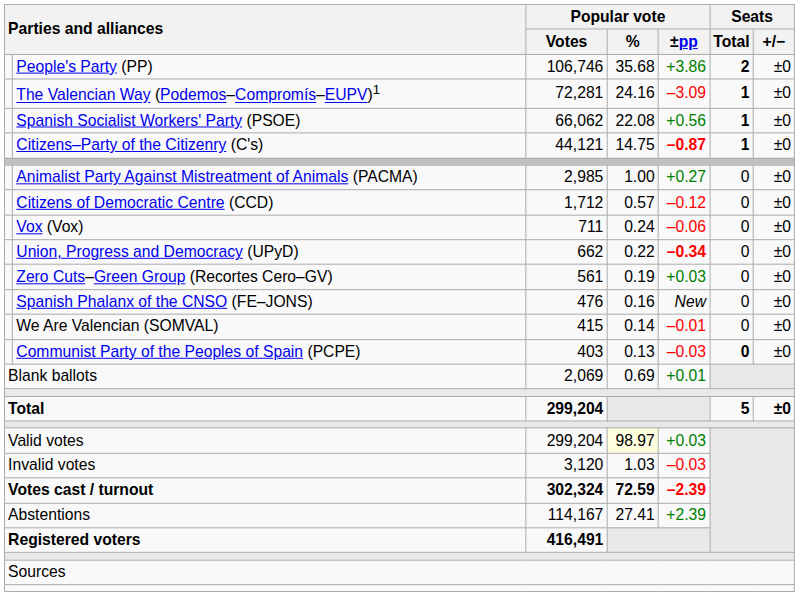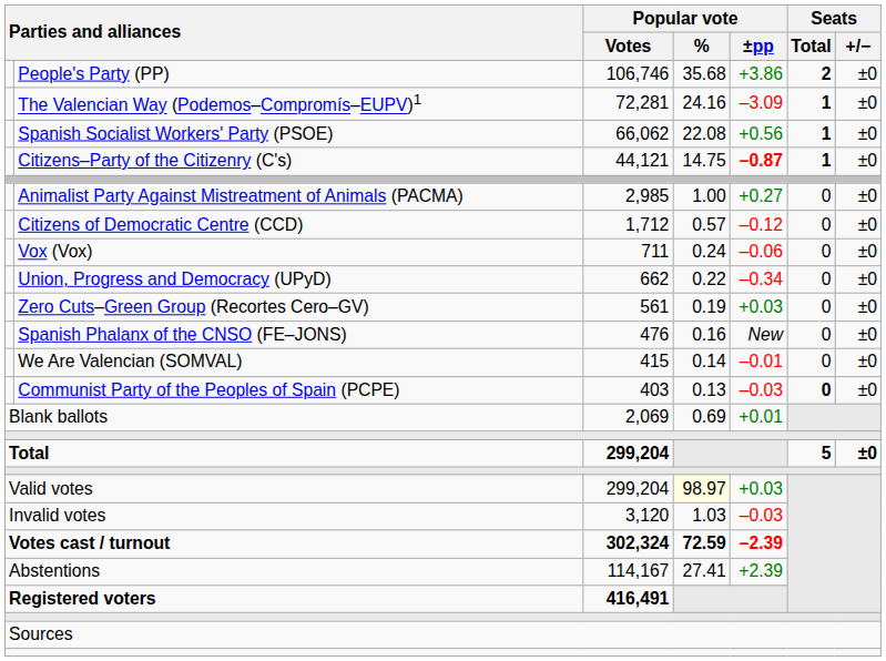 <table class="wikitable" style="text-align:right;">
 <tr>
 <th style="text-align:left;" rowspan="2" colspan="2" width="525">Parties and alliances</th>
 <th colspan="3">Popular vote</th>
 <th colspan="2">Seats</th>
 </tr>
 <tr>
 <th width="75">Votes</th>
 <th width="45">%</th>
 <th width="45">±<a href='#'>pp</a></th>
 <th width="35">Total</th>
 <th width="35">+/−</th>
 </tr>
 <tr>
 <td width="1" style="color:inherit;background:"></td>
 <td align="left"><a href='#'>People's Party</a> (PP)</td>
 <td>106,746</td>
 <td>35.68</td>
 <td style="color:green;">+3.86</td>
 <td><strong>2</strong></td>
 <td>±0</td>
 </tr>
 <tr>
 <td style="color:inherit;background:"></td>
 <td align="left"><a href='#'>The Valencian Way</a> (<a href='#'>Podemos</a>–<a href='#'>Compromís</a>–<a href='#'>EUPV</a>)<sup>1</sup></td>
 <td>72,281</td>
 <td>24.16</td>
 <td style="color:red;">–3.09</td>
 <td><strong>1</strong></td>
 <td>±0</td>
 </tr>
 <tr>
 <td style="color:inherit;background:"></td>
 <td align="left"><a href='#'>Spanish Socialist Workers' Party</a> (PSOE)</td>
 <td>66,062</td>
 <td>22.08</td>
 <td style="color:green;">+0.56</td>
 <td><strong>1</strong></td>
 <td>±0</td>
 </tr>
 <tr>
 <td style="color:inherit;background:"></td>
 <td align="left"><a href='#'>Citizens–Party of the Citizenry</a> (C's)</td>
 <td>44,121</td>
 <td>14.75</td>
 <td style="color:red;"><strong>–0.87</strong></td>
 <td><strong>1</strong></td>
 <td>±0</td>
 </tr>
 <tr>
 <td colspan="7" bgcolor="#C0C0C0"></td>
 </tr>
 <tr>
 <td style="color:inherit;background:"></td>
 <td align="left"><a href='#'>Animalist Party Against Mistreatment of Animals</a> (PACMA)</td>
 <td>2,985</td>
 <td>1.00</td>
 <td style="color:green;">+0.27</td>
 <td>0</td>
 <td>±0</td>
 </tr>
 <tr>
 <td style="color:inherit;background:"></td>
 <td align="left"><a href='#'>Citizens of Democratic Centre</a> (CCD)</td>
 <td>1,712</td>
 <td>0.57</td>
 <td style="color:red;">–0.12</td>
 <td>0</td>
 <td>±0</td>
 </tr>
 <tr>
 <td style="color:inherit;background:"></td>
 <td align="left"><a href='#'>Vox</a> (Vox)</td>
 <td>711</td>
 <td>0.24</td>
 <td style="color:red;">–0.06</td>
 <td>0</td>
 <td>±0</td>
 </tr>
 <tr>
 <td style="color:inherit;background:"></td>
 <td align="left"><a href='#'>Union, Progress and Democracy</a> (UPyD)</td>
 <td>662</td>
 <td>0.22</td>
-<td style="color:red;"><strong>–0.34</strong></td>
+<td style="color:red;">–0.34</td>
 <td>0</td>
 <td>±0</td>
 </tr>
 <tr>
 <td style="color:inherit;background:"></td>
 <td align="left"><a href='#'>Zero Cuts</a>–<a href='#'>Green Group</a> (Recortes Cero–GV)</td>
 <td>561</td>
 <td>0.19</td>
 <td style="color:green;">+0.03</td>
 <td>0</td>
 <td>±0</td>
 </tr>
 <tr>
 <td style="color:inherit;background:"></td>
 <td align="left"><a href='#'>Spanish Phalanx of the CNSO</a> (FE–JONS)</td>
 <td>476</td>
 <td>0.16</td>
 <td><em>New</em></td>
 <td>0</td>
 <td>±0</td>
 </tr>
 <tr>
 <td style="color:inherit;background:"></td>
 <td align="left">We Are Valencian (SOMVAL)</td>
 <td>415</td>
 <td>0.14</td>
 <td style="color:red;">–0.01</td>
 <td>0</td>
 <td>±0</td>
 </tr>
 <tr>
 <td style="color:inherit;background:"></td>
 <td align="left"><a href='#'>Communist Party of the Peoples of Spain</a> (PCPE)</td>
 <td>403</td>
 <td>0.13</td>
 <td style="color:red;">–0.03</td>
 <td><strong>0</strong></td>
 <td>±0</td>
 </tr>
 <tr>
 <td align="left" colspan="2">Blank ballots</td>
 <td>2,069</td>
 <td>0.69</td>
 <td style="color:green;">+0.01</td>
 <td bgcolor="#E9E9E9" colspan="2"></td>
 </tr>
 <tr>
 <td colspan="7" bgcolor="#E9E9E9"></td>
 </tr>
 <tr style="font-weight:bold;">
 <td align="left" colspan="2">Total</td>
 <td>299,204</td>
 <td bgcolor="#E9E9E9" colspan="2"></td>
 <td>5</td>
 <td>±0</td>
 </tr>
 <tr>
 <td colspan="7" bgcolor="#E9E9E9"></td>
 </tr>
 <tr>
 <td align="left" colspan="2">Valid votes</td>
 <td>299,204</td>
 <td style="background: lightyellow;">98.97</td>
 <td style="color:green;">+0.03</td>
 <td bgcolor="#E9E9E9" colspan="2" rowspan="5"></td>
 </tr>
 <tr>
 <td align="left" colspan="2">Invalid votes</td>
 <td>3,120</td>
 <td>1.03</td>
 <td style="color:red;">–0.03</td>
 </tr>
 <tr style="font-weight:bold;">
 <td align="left" colspan="2">Votes cast / turnout</td>
 <td>302,324</td>
 <td>72.59</td>
 <td style="color:red;">–2.39</td>
 </tr>
 <tr>
 <td align="left" colspan="2">Abstentions</td>
 <td>114,167</td>
 <td>27.41</td>
 <td style="color:green;">+2.39</td>
 </tr>
 <tr style="font-weight:bold;">
 <td align="left" colspan="2">Registered voters</td>
 <td>416,491</td>
 <td bgcolor="#E9E9E9" colspan="2"></td>
 </tr>
 <tr>
 <td colspan="7" bgcolor="#E9E9E9"></td>
 </tr>
 <tr>
 <td align="left" colspan="7">Sources</td>
 </tr>
 <tr>
 <td colspan="7" style="text-align:left; max-width:790px;"></td>
 </tr>
 </table>
